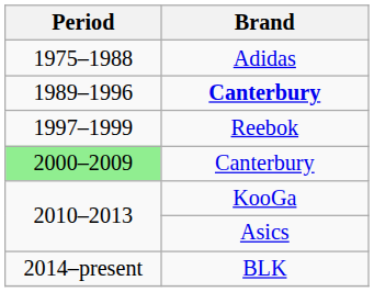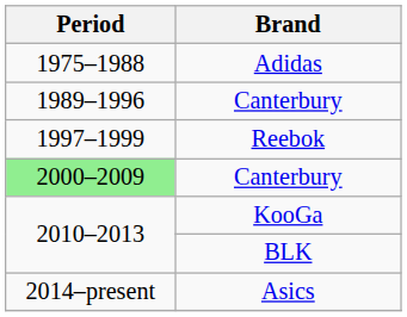 <table class="wikitable sticky-header" style="text-align:center; display:inline-table;">
 <tr>
 <th scope="col" style="width:6.6em;">Period</th>
 <th scope="col" style="width:8.9em;">Brand</th>
 </tr>
 <tr>
 <td>1975–1988</td>
 <td><a href='#'>Adidas</a></td>
 </tr>
 <tr>
 <td>1989–1996</td>
-<td><strong><a href='#'>Canterbury</a></strong></td>
+<td><a href='#'>Canterbury</a></td>
 </tr>
 <tr>
 <td>1997–1999</td>
 <td><a href='#'>Reebok</a></td>
 </tr>
 <tr>
 <td style="background: lightgreen;">2000–2009</td>
 <td><a href='#'>Canterbury</a></td>
 </tr>
 <tr>
 <td rowspan="2">2010–2013</td>
 <td><a href='#'>KooGa</a></td>
 </tr>
 <tr>
-<td><a href='#'>Asics</a></td>
+<td><a href='#'>BLK</a> </td>
 </tr>
 <tr>
 <td>2014–present</td>
-<td><a href='#'>BLK</a> </td>
+<td><a href='#'>Asics</a></td>
 </tr>
 <tr>
 </tr>
 </table>
